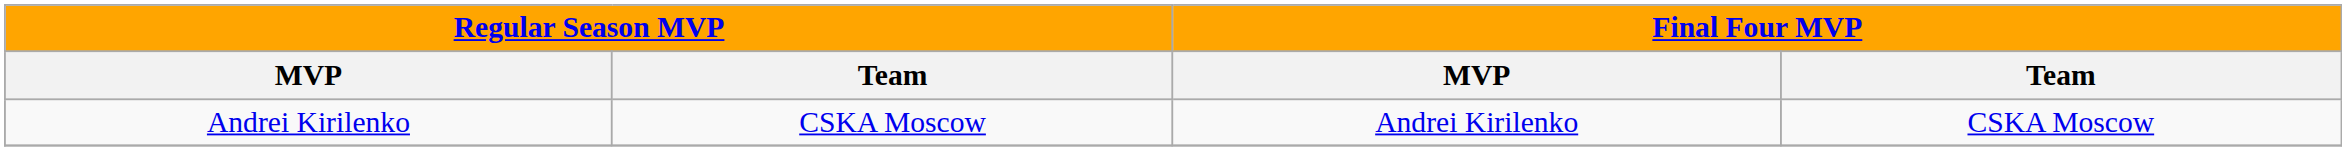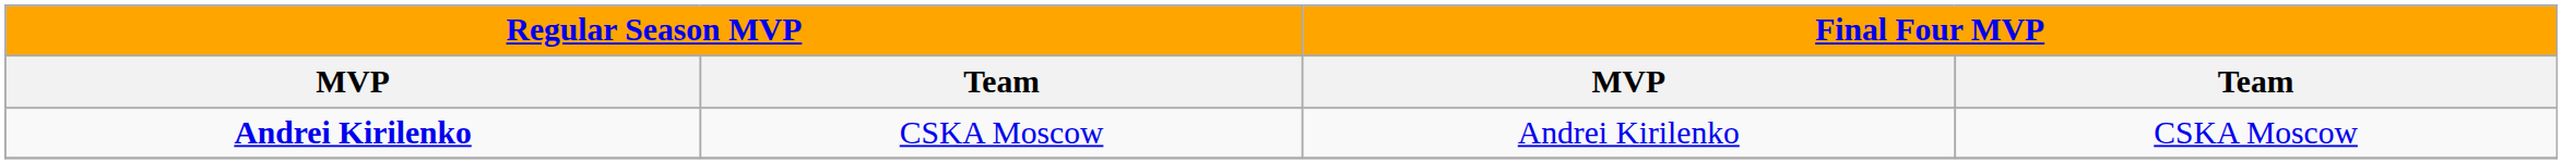 <table class="wikitable" style="text-align: center; width: 100%;">
 <tr>
 <td colspan=2 bgcolor="#FFA500"><strong><a href='#'>Regular Season MVP</a></strong></td>
 <td colspan=2 bgcolor="#FFA500"><strong><a href='#'>Final Four MVP</a></strong></td>
 </tr>
 <tr>
 <th>MVP</th>
 <th>Team</th>
 <th>MVP</th>
 <th>Team</th>
 </tr>
 <tr>
-<td> <a href='#'>Andrei Kirilenko</a></td>
+<td><strong> <a href='#'>Andrei Kirilenko</a></strong></td>
 <td> <a href='#'>CSKA Moscow</a></td>
 <td> <a href='#'>Andrei Kirilenko</a></td>
 <td> <a href='#'>CSKA Moscow</a></td>
 </tr>
 <tr>
 </tr>
 </table>
